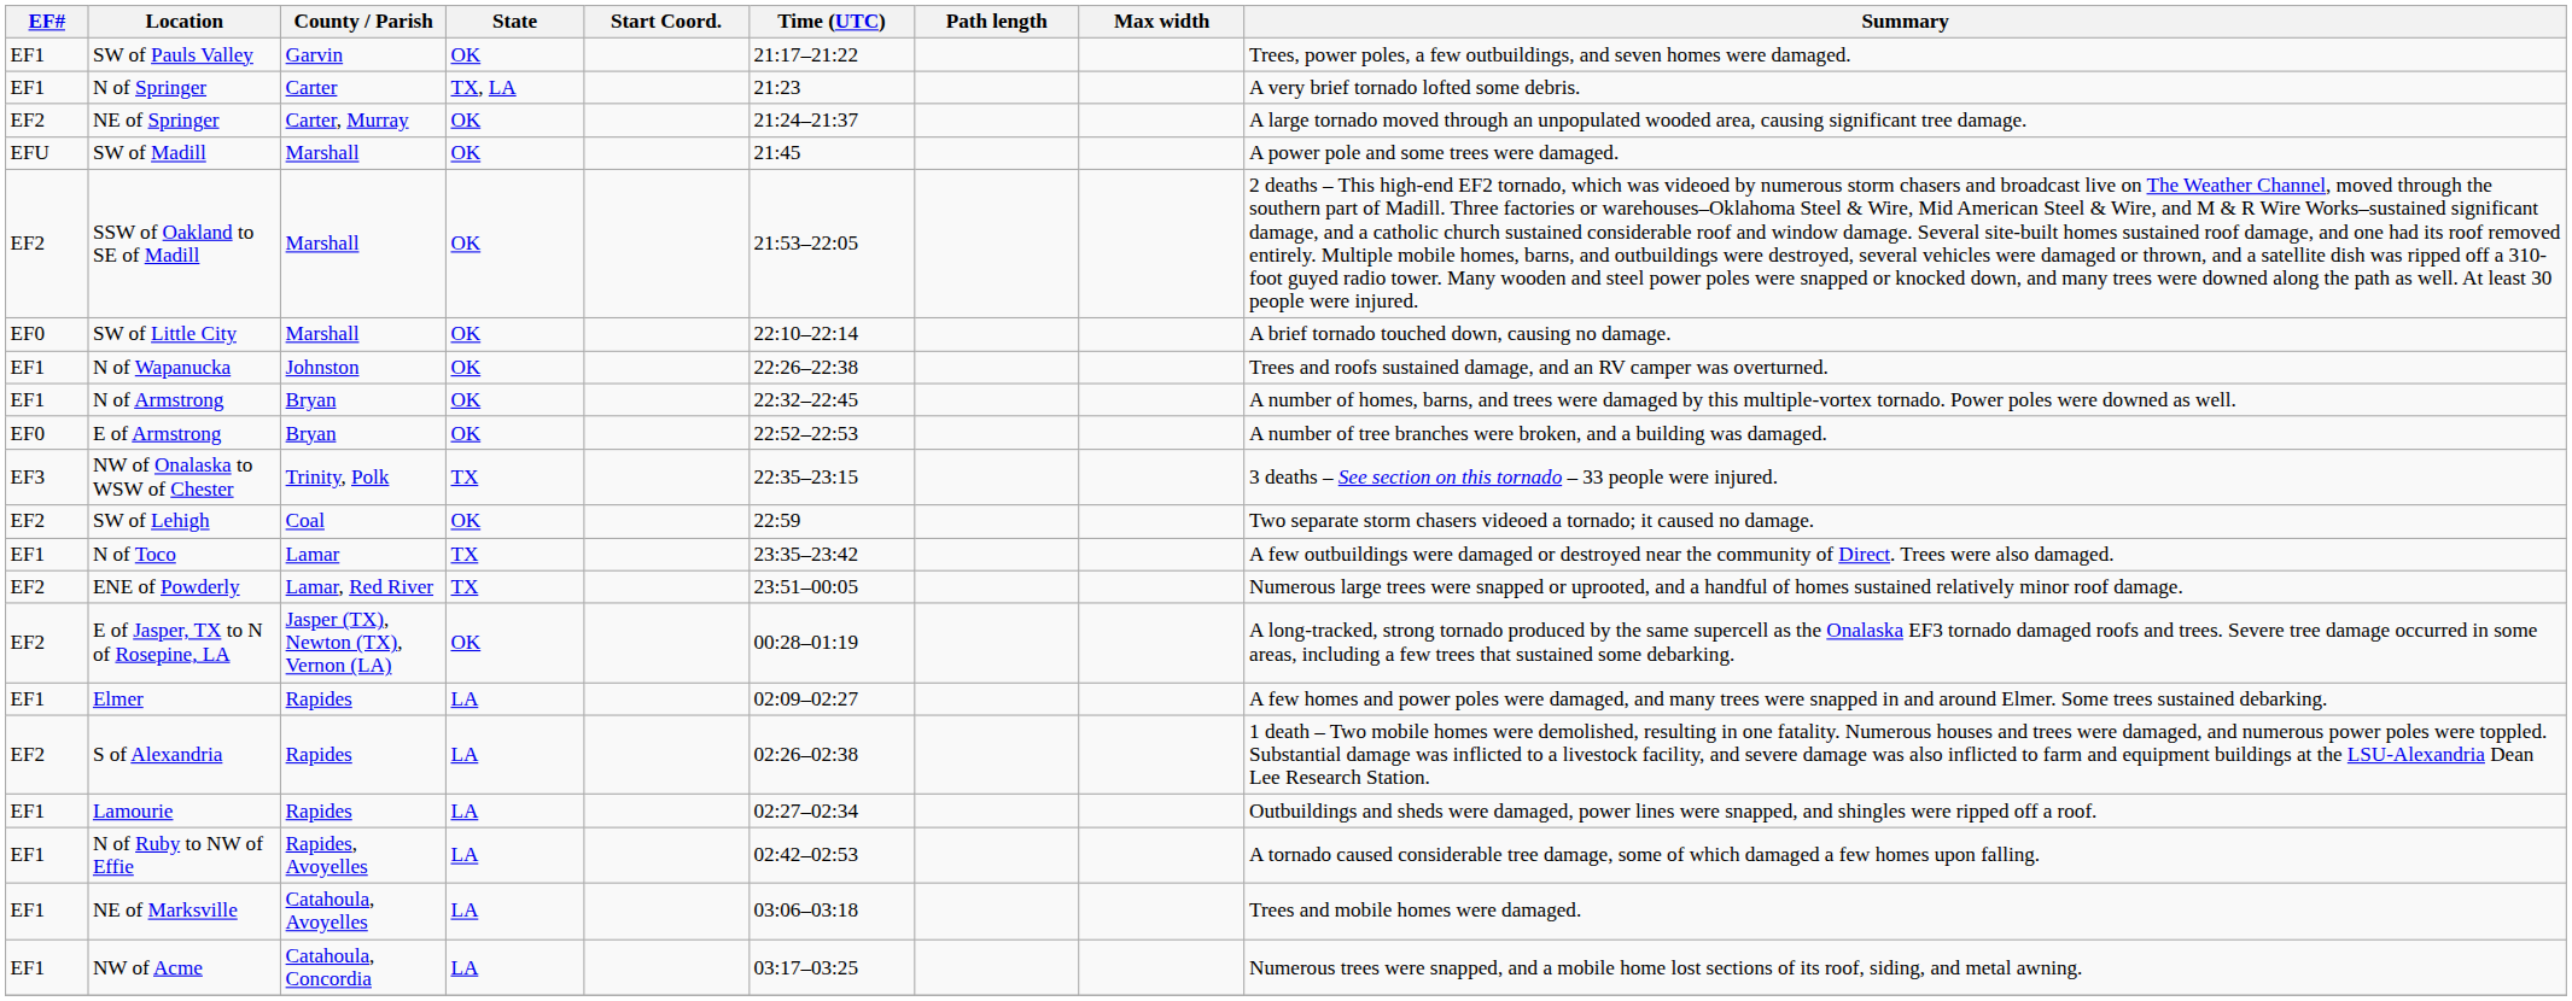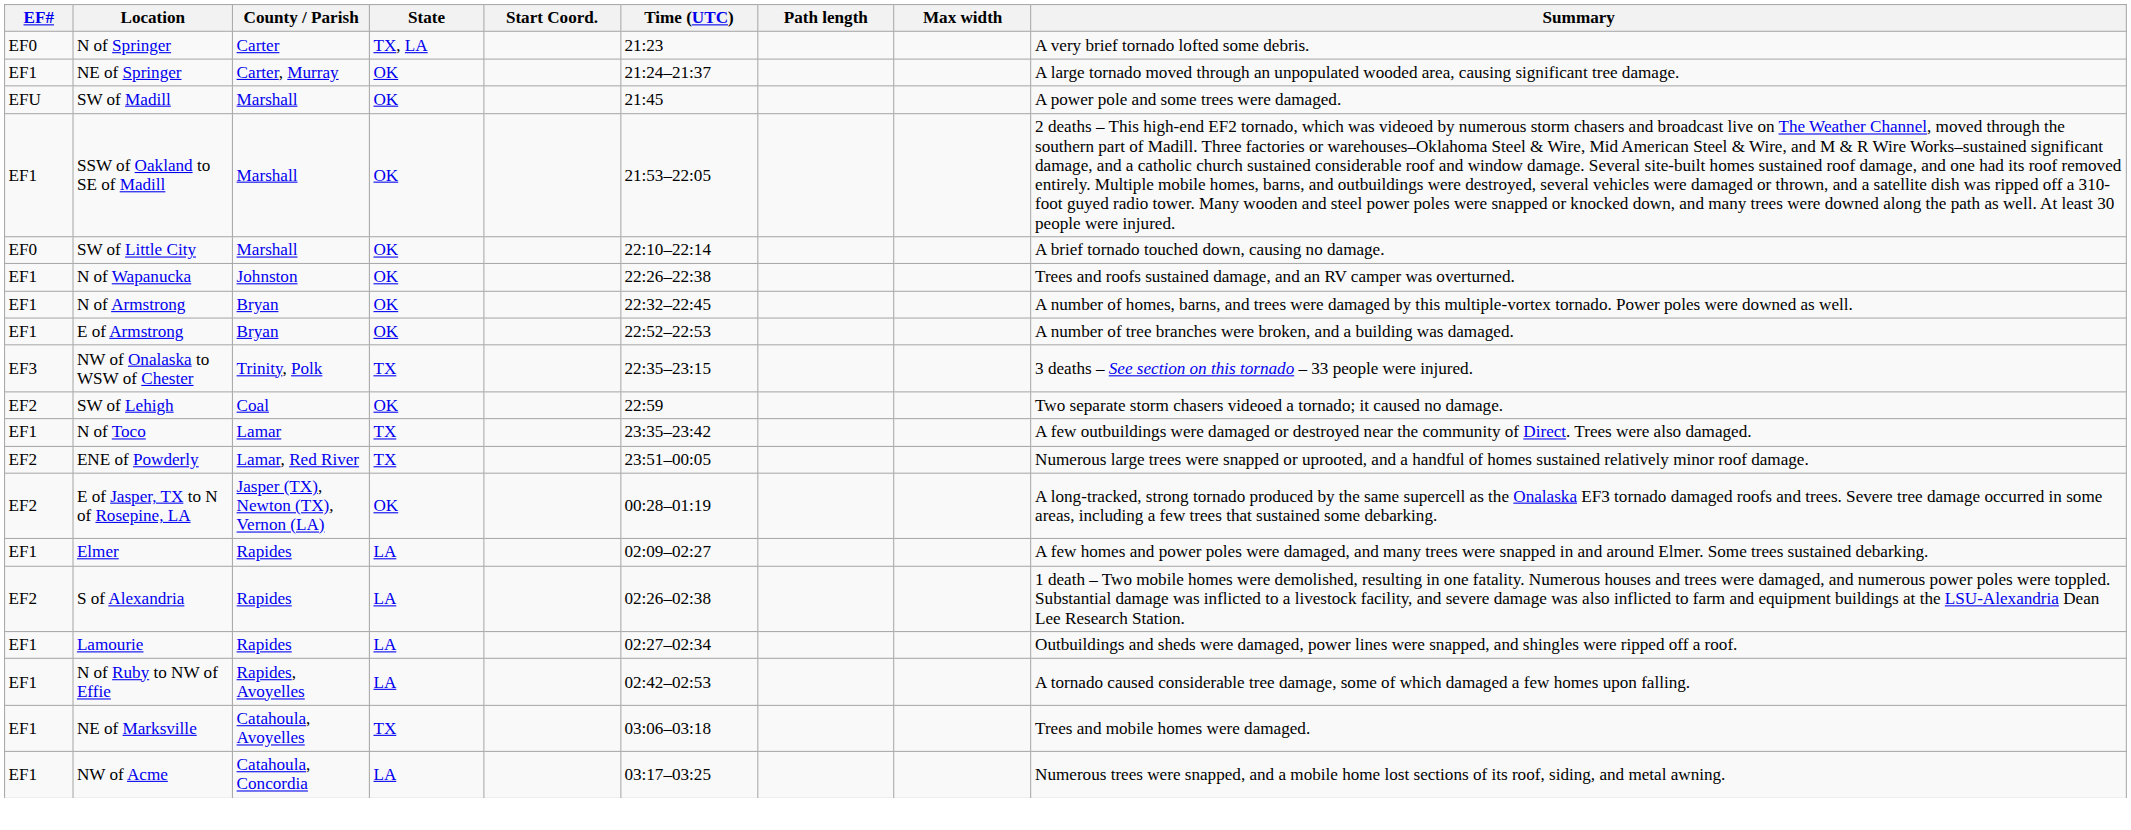 <table class="wikitable sortable" style="width:100%;">
 <tr>
 <th scope="col"  style="width:3%; text-align:center;"><a href='#'>EF#</a></th>
 <th scope="col"  style="width:7%; text-align:center;" class="unsortable">Location</th>
 <th scope="col"  style="width:6%; text-align:center;" class="unsortable">County / Parish</th>
 <th scope="col"  style="width:5%; text-align:center;">State</th>
 <th scope="col"  style="width:6%; text-align:center;">Start Coord.</th>
 <th scope="col"  style="width:6%; text-align:center;">Time (<a href='#'>UTC</a>)</th>
 <th scope="col"  style="width:6%; text-align:center;">Path length</th>
 <th scope="col"  style="width:6%; text-align:center;">Max width</th>
 <th scope="col" class="unsortable" style="width:48%; text-align:center;">Summary</th>
 </tr>
 <tr>
-<td>EF1</td>
-<td>SW of <a href='#'>Pauls Valley</a></td>
-<td><a href='#'>Garvin</a></td>
-<td><a href='#'>OK</a></td>
-<td></td>
-<td>21:17–21:22</td>
-<td></td>
-<td></td>
-<td>Trees, power poles, a few outbuildings, and seven homes were damaged.</td>
-</tr>
-<tr>
-<td>EF1</td>
+<td>EF0</td>
 <td>N of <a href='#'>Springer</a></td>
 <td><a href='#'>Carter</a></td>
 <td><a href='#'>TX</a>, <a href='#'>LA</a></td>
 <td></td>
 <td>21:23</td>
 <td></td>
 <td></td>
 <td>A very brief tornado lofted some debris.</td>
 </tr>
 <tr>
-<td>EF2</td>
+<td>EF1</td>
 <td>NE of <a href='#'>Springer</a></td>
 <td><a href='#'>Carter</a>, <a href='#'>Murray</a></td>
 <td><a href='#'>OK</a></td>
 <td></td>
 <td>21:24–21:37</td>
 <td></td>
 <td></td>
 <td>A large tornado moved through an unpopulated wooded area, causing significant tree damage.</td>
 </tr>
 <tr>
 <td>EFU</td>
 <td>SW of <a href='#'>Madill</a></td>
 <td><a href='#'>Marshall</a></td>
 <td><a href='#'>OK</a></td>
 <td></td>
 <td>21:45</td>
 <td></td>
 <td></td>
 <td>A power pole and some trees were damaged.</td>
 </tr>
 <tr>
-<td>EF2</td>
+<td>EF1</td>
 <td>SSW of <a href='#'>Oakland</a> to SE of <a href='#'>Madill</a></td>
 <td><a href='#'>Marshall</a></td>
 <td><a href='#'>OK</a></td>
 <td></td>
 <td>21:53–22:05</td>
 <td></td>
 <td></td>
 <td>2 deaths – This high-end EF2 tornado, which was videoed by numerous storm chasers and broadcast live on <a href='#'>The Weather Channel</a>, moved through the southern part of Madill. Three factories or warehouses–Oklahoma Steel & Wire, Mid American Steel & Wire, and M & R Wire Works–sustained significant damage, and a catholic church sustained considerable roof and window damage. Several site-built homes sustained roof damage, and one had its roof removed entirely. Multiple mobile homes, barns, and outbuildings were destroyed, several vehicles were damaged or thrown, and a satellite dish was ripped off a 310-foot guyed radio tower. Many wooden and steel power poles were snapped or knocked down, and many trees were downed along the path as well. At least 30 people were injured.</td>
 </tr>
 <tr>
 <td>EF0</td>
 <td>SW of <a href='#'>Little City</a></td>
 <td><a href='#'>Marshall</a></td>
 <td><a href='#'>OK</a></td>
 <td></td>
 <td>22:10–22:14</td>
 <td></td>
 <td></td>
 <td>A brief tornado touched down, causing no damage.</td>
 </tr>
 <tr>
 <td>EF1</td>
 <td>N of <a href='#'>Wapanucka</a></td>
 <td><a href='#'>Johnston</a></td>
 <td><a href='#'>OK</a></td>
 <td></td>
 <td>22:26–22:38</td>
 <td></td>
 <td></td>
 <td>Trees and roofs sustained damage, and an RV camper was overturned.</td>
 </tr>
 <tr>
 <td>EF1</td>
 <td>N of <a href='#'>Armstrong</a></td>
 <td><a href='#'>Bryan</a></td>
 <td><a href='#'>OK</a></td>
 <td></td>
 <td>22:32–22:45</td>
 <td></td>
 <td></td>
 <td>A number of homes, barns, and trees were damaged by this multiple-vortex tornado. Power poles were downed as well.</td>
 </tr>
 <tr>
-<td>EF0</td>
+<td>EF1</td>
 <td>E of <a href='#'>Armstrong</a></td>
 <td><a href='#'>Bryan</a></td>
 <td><a href='#'>OK</a></td>
 <td></td>
 <td>22:52–22:53</td>
 <td></td>
 <td></td>
 <td>A number of tree branches were broken, and a building was damaged.</td>
 </tr>
 <tr>
 <td>EF3</td>
 <td>NW of <a href='#'>Onalaska</a> to WSW of <a href='#'>Chester</a></td>
 <td><a href='#'>Trinity</a>, <a href='#'>Polk</a></td>
 <td><a href='#'>TX</a></td>
 <td></td>
 <td>22:35–23:15</td>
 <td></td>
 <td></td>
 <td>3 deaths – <em><a href='#'>See section on this tornado</a></em> – 33 people were injured.</td>
 </tr>
 <tr>
 <td>EF2</td>
 <td>SW of <a href='#'>Lehigh</a></td>
 <td><a href='#'>Coal</a></td>
 <td><a href='#'>OK</a></td>
 <td></td>
 <td>22:59</td>
 <td></td>
 <td></td>
 <td>Two separate storm chasers videoed a tornado; it caused no damage.</td>
 </tr>
 <tr>
 <td>EF1</td>
 <td>N of <a href='#'>Toco</a></td>
 <td><a href='#'>Lamar</a></td>
 <td><a href='#'>TX</a></td>
 <td></td>
 <td>23:35–23:42</td>
 <td></td>
 <td></td>
 <td>A few outbuildings were damaged or destroyed near the community of <a href='#'>Direct</a>. Trees were also damaged.</td>
 </tr>
 <tr>
 <td>EF2</td>
 <td>ENE of <a href='#'>Powderly</a></td>
 <td><a href='#'>Lamar</a>, <a href='#'>Red River</a></td>
 <td><a href='#'>TX</a></td>
 <td></td>
 <td>23:51–00:05</td>
 <td></td>
 <td></td>
 <td>Numerous large trees were snapped or uprooted, and a handful of homes sustained relatively minor roof damage.</td>
 </tr>
 <tr>
 <td>EF2</td>
 <td>E of <a href='#'>Jasper, TX</a> to N of <a href='#'>Rosepine, LA</a></td>
 <td><a href='#'>Jasper (TX)</a>, <a href='#'>Newton (TX)</a>, <a href='#'>Vernon (LA)</a></td>
 <td><a href='#'>OK</a></td>
 <td></td>
 <td>00:28–01:19</td>
 <td></td>
 <td></td>
 <td>A long-tracked, strong tornado produced by the same supercell as the <a href='#'>Onalaska</a> EF3 tornado damaged roofs and trees. Severe tree damage occurred in some areas, including a few trees that sustained some debarking.</td>
 </tr>
 <tr>
 <td>EF1</td>
 <td><a href='#'>Elmer</a></td>
 <td><a href='#'>Rapides</a></td>
 <td><a href='#'>LA</a></td>
 <td></td>
 <td>02:09–02:27</td>
 <td></td>
 <td></td>
 <td>A few homes and power poles were damaged, and many trees were snapped in and around Elmer. Some trees sustained debarking.</td>
 </tr>
 <tr>
 <td>EF2</td>
 <td>S of <a href='#'>Alexandria</a></td>
 <td><a href='#'>Rapides</a></td>
 <td><a href='#'>LA</a></td>
 <td></td>
 <td>02:26–02:38</td>
 <td></td>
 <td></td>
 <td>1 death – Two mobile homes were demolished, resulting in one fatality. Numerous houses and trees were damaged, and numerous power poles were toppled. Substantial damage was inflicted to a livestock facility, and severe damage was also inflicted to farm and equipment buildings at the <a href='#'>LSU-Alexandria</a> Dean Lee Research Station.</td>
 </tr>
 <tr>
 <td>EF1</td>
 <td><a href='#'>Lamourie</a></td>
 <td><a href='#'>Rapides</a></td>
 <td><a href='#'>LA</a></td>
 <td></td>
 <td>02:27–02:34</td>
 <td></td>
 <td></td>
 <td>Outbuildings and sheds were damaged, power lines were snapped, and shingles were ripped off a roof.</td>
 </tr>
 <tr>
 <td>EF1</td>
 <td>N of <a href='#'>Ruby</a> to NW of <a href='#'>Effie</a></td>
 <td><a href='#'>Rapides</a>, <a href='#'>Avoyelles</a></td>
 <td><a href='#'>LA</a></td>
 <td></td>
 <td>02:42–02:53</td>
 <td></td>
 <td></td>
 <td>A tornado caused considerable tree damage, some of which damaged a few homes upon falling.</td>
 </tr>
 <tr>
 <td>EF1</td>
 <td>NE of <a href='#'>Marksville</a></td>
 <td><a href='#'>Catahoula</a>, <a href='#'>Avoyelles</a></td>
-<td><a href='#'>LA</a></td>
+<td><a href='#'>TX</a></td>
 <td></td>
 <td>03:06–03:18</td>
 <td></td>
 <td></td>
 <td>Trees and mobile homes were damaged.</td>
 </tr>
 <tr>
 <td>EF1</td>
 <td>NW of <a href='#'>Acme</a></td>
 <td><a href='#'>Catahoula</a>, <a href='#'>Concordia</a></td>
 <td><a href='#'>LA</a></td>
 <td></td>
 <td>03:17–03:25</td>
 <td></td>
 <td></td>
 <td>Numerous trees were snapped, and a mobile home lost sections of its roof, siding, and metal awning.</td>
 </tr>
 <tr>
 </tr>
 </table>
